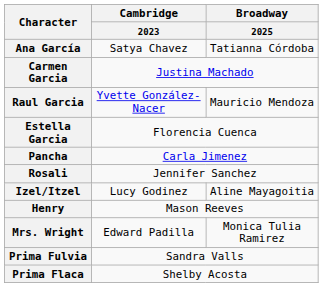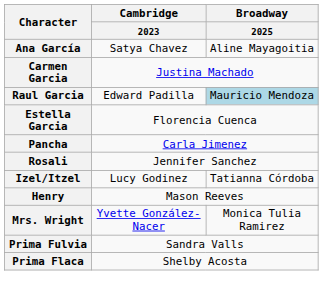 <table class="wikitable" style="width:30%; text-align:center">
 <tr>
 <th rowspan="2" scope="col">Character</th>
 <th>Cambridge</th>
 <th>Broadway</th>
 </tr>
 <tr>
 <th><small>2023</small></th>
 <th><small>2025</small></th>
 </tr>
 <tr>
 <th>Ana García</th>
 <td colspan="1">Satya Chavez</td>
-<td colspan="1">Tatianna Córdoba</td>
+<td>Aline Mayagoitia</td>
 </tr>
 <tr>
 <th>Carmen Garcia</th>
 <td colspan="2"><a href='#'>Justina Machado</a></td>
 </tr>
 <tr>
 <th>Raul Garcia</th>
-<td colspan="1"><a href='#'>Yvette González-Nacer</a></td>
-<td>Mauricio Mendoza</td>
+<td colspan="1”">Edward Padilla</td>
+<td style="background: lightblue;">Mauricio Mendoza</td>
 </tr>
 <tr>
 <th>Estella Garcia</th>
 <td colspan="2">Florencia Cuenca</td>
 </tr>
 <tr>
 <th>Pancha</th>
 <td colspan="2"><a href='#'>Carla Jimenez</a></td>
 </tr>
 <tr>
 <th>Rosali</th>
 <td colspan="2">Jennifer Sanchez</td>
 </tr>
 <tr>
 <th>Izel/Itzel</th>
 <td colspan="1">Lucy Godinez</td>
-<td>Aline Mayagoitia</td>
+<td colspan="1">Tatianna Córdoba</td>
 </tr>
 <tr>
 <th>Henry</th>
 <td colspan="2">Mason Reeves</td>
 </tr>
 <tr>
 <th>Mrs. Wright</th>
-<td colspan="1”">Edward Padilla</td>
+<td colspan="1"><a href='#'>Yvette González-Nacer</a></td>
 <td>Monica Tulia Ramirez</td>
 </tr>
 <tr>
 <th>Prima Fulvia</th>
 <td colspan="2">Sandra Valls</td>
 </tr>
 <tr>
 <th>Prima Flaca</th>
 <td colspan="2">Shelby Acosta</td>
 </tr>
 </table>
